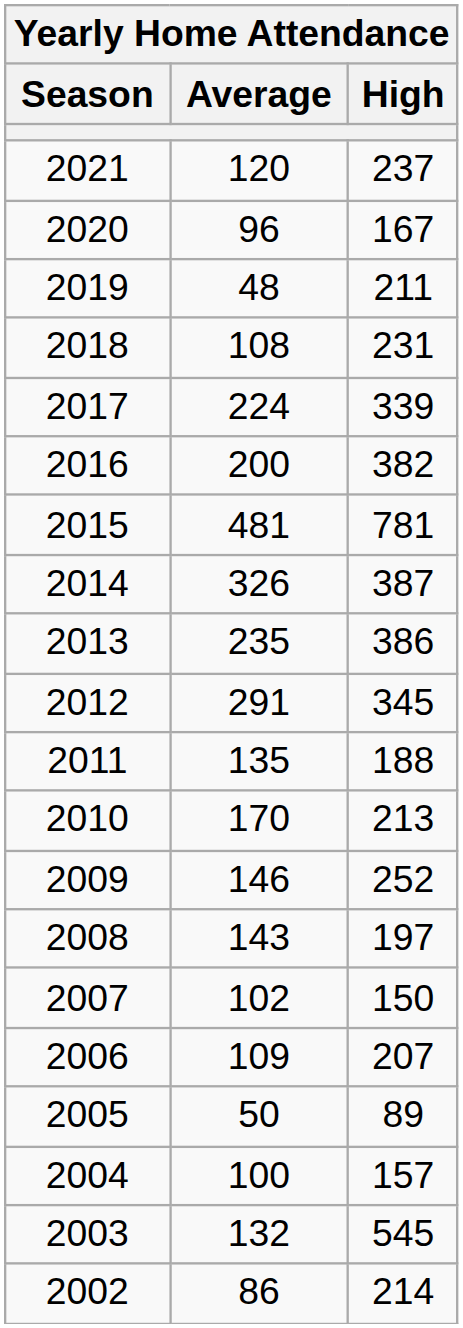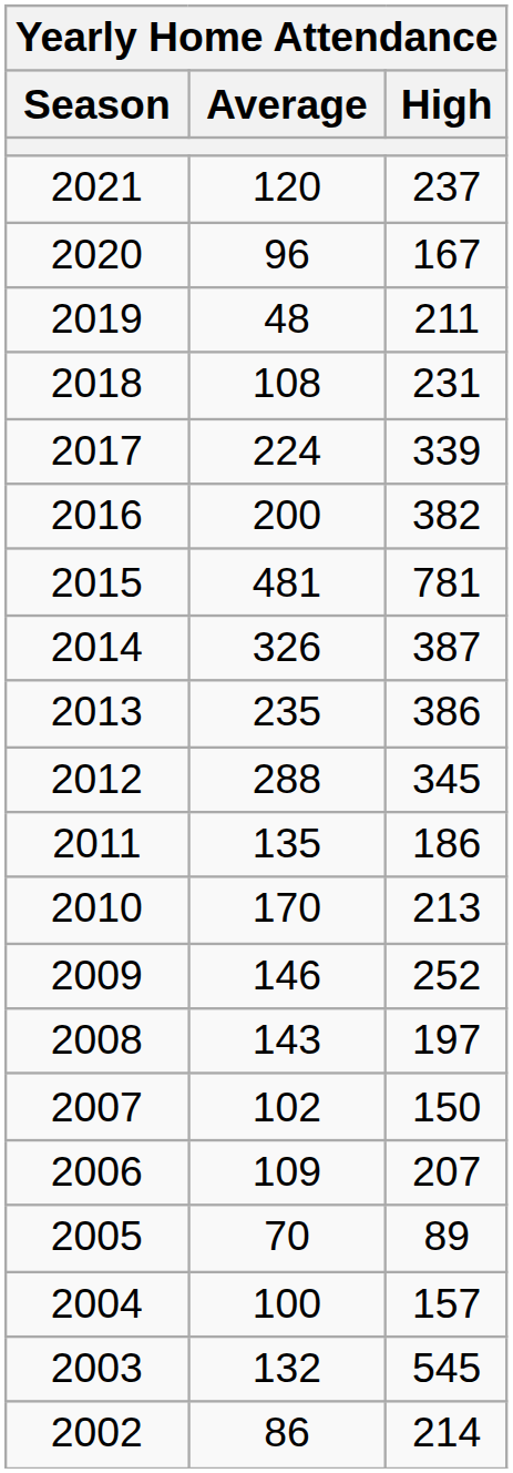 <table class="wikitable" style="text-align:center;">
 <tr>
 <th colspan=3>Yearly Home Attendance</th>
 </tr>
 <tr>
 <th>Season</th>
 <th>Average</th>
 <th>High</th>
 </tr>
 <tr>
 <th colspan=3 style="text-align:center; "><a href='#'></a></th>
 </tr>
 <tr>
 <td>2021</td>
 <td>120</td>
 <td>237</td>
 </tr>
 <tr>
 <td>2020</td>
 <td>96</td>
 <td>167</td>
 </tr>
 <tr>
 <td>2019</td>
 <td>48</td>
 <td>211</td>
 </tr>
 <tr>
 <td>2018</td>
 <td>108</td>
 <td>231</td>
 </tr>
 <tr>
 <td>2017</td>
 <td>224</td>
 <td>339</td>
 </tr>
 <tr>
 <td>2016</td>
 <td>200</td>
 <td>382</td>
 </tr>
 <tr>
 <td>2015</td>
 <td>481</td>
 <td>781</td>
 </tr>
 <tr>
 <td>2014</td>
 <td>326</td>
 <td>387</td>
 </tr>
 <tr>
 <td>2013</td>
 <td>235</td>
 <td>386</td>
 </tr>
 <tr>
 <td>2012</td>
-<td>291</td>
+<td>288</td>
 <td>345</td>
 </tr>
 <tr>
 <td>2011</td>
 <td>135</td>
-<td>188</td>
+<td>186</td>
 </tr>
 <tr>
 <td>2010</td>
 <td>170</td>
 <td>213</td>
 </tr>
 <tr>
 <td>2009</td>
 <td>146</td>
 <td>252</td>
 </tr>
 <tr>
 <td>2008</td>
 <td>143</td>
 <td>197</td>
 </tr>
 <tr>
 <td>2007</td>
 <td>102</td>
 <td>150</td>
 </tr>
 <tr>
 <td>2006</td>
 <td>109</td>
 <td>207</td>
 </tr>
 <tr>
 <td>2005</td>
-<td>50</td>
+<td>70</td>
 <td>89</td>
 </tr>
 <tr>
 <td>2004</td>
 <td>100</td>
 <td>157</td>
 </tr>
 <tr>
 <td>2003</td>
 <td>132</td>
 <td>545</td>
 </tr>
 <tr>
 <td>2002</td>
 <td>86</td>
 <td>214</td>
 </tr>
 </table>
